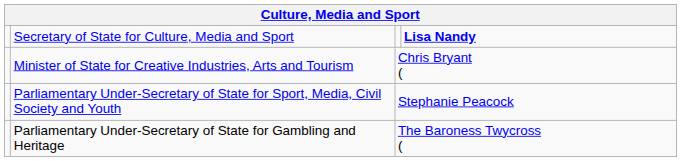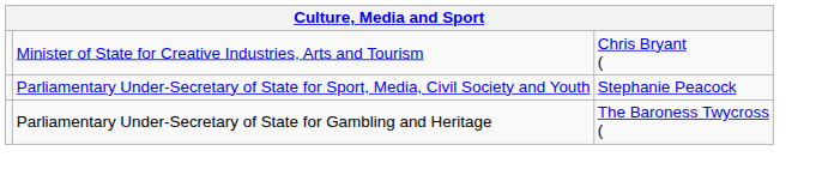 <table class="wikitable">
 <tr>
 <th colspan="4"><a href='#'>Culture, Media and Sport</a></th>
-</tr>
-<tr>
-<td style="background: "></td>
-<td style="width: 450px;"><a href='#'>Secretary of State for Culture, Media and Sport</a></td>
-<td style="background: "></td>
-<td style="width: 320px;"><strong><a href='#'>Lisa Nandy</a></strong></td>
 </tr>
 <tr>
 <td style="background: "></td>
 <td><a href='#'>Minister of State for Creative Industries, Arts and Tourism</a></td>
 <td colspan="2"><a href='#'>Chris Bryant</a><br>(</td>
 </tr>
 <tr>
 <td style="background: "></td>
 <td><a href='#'>Parliamentary Under-Secretary of State for Sport, Media, Civil Society and Youth</a></td>
 <td colspan="2"><a href='#'>Stephanie Peacock</a></td>
 </tr>
 <tr>
 <td style="background: "></td>
 <td>Parliamentary Under-Secretary of State for Gambling and Heritage</td>
 <td colspan="2"><a href='#'>The Baroness Twycross</a><br>(<br></td>
 </tr>
 </table>
